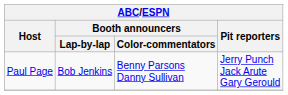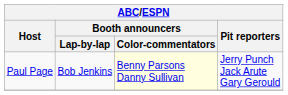 <table class="wikitable" style="font-size: 95%;">
 <tr>
 <th colspan=4><a href='#'>ABC</a>/<a href='#'>ESPN</a></th>
 </tr>
 <tr>
 <th rowspan=2>Host</th>
 <th colspan=2>Booth announcers</th>
 <th rowspan=2>Pit reporters</th>
 </tr>
 <tr>
 <th><strong>Lap-by-lap</strong></th>
 <th><strong>Color-commentators</strong></th>
 </tr>
 <tr>
 <td><a href='#'>Paul Page</a></td>
 <td><a href='#'>Bob Jenkins</a></td>
-<td><a href='#'>Benny Parsons</a> <br> <a href='#'>Danny Sullivan</a></td>
+<td style="background: lightyellow;"><a href='#'>Benny Parsons</a> <br> <a href='#'>Danny Sullivan</a></td>
 <td><a href='#'>Jerry Punch</a> <br> <a href='#'>Jack Arute</a> <br> <a href='#'>Gary Gerould</a></td>
 </tr>
 <tr>
 </tr>
 </table>
